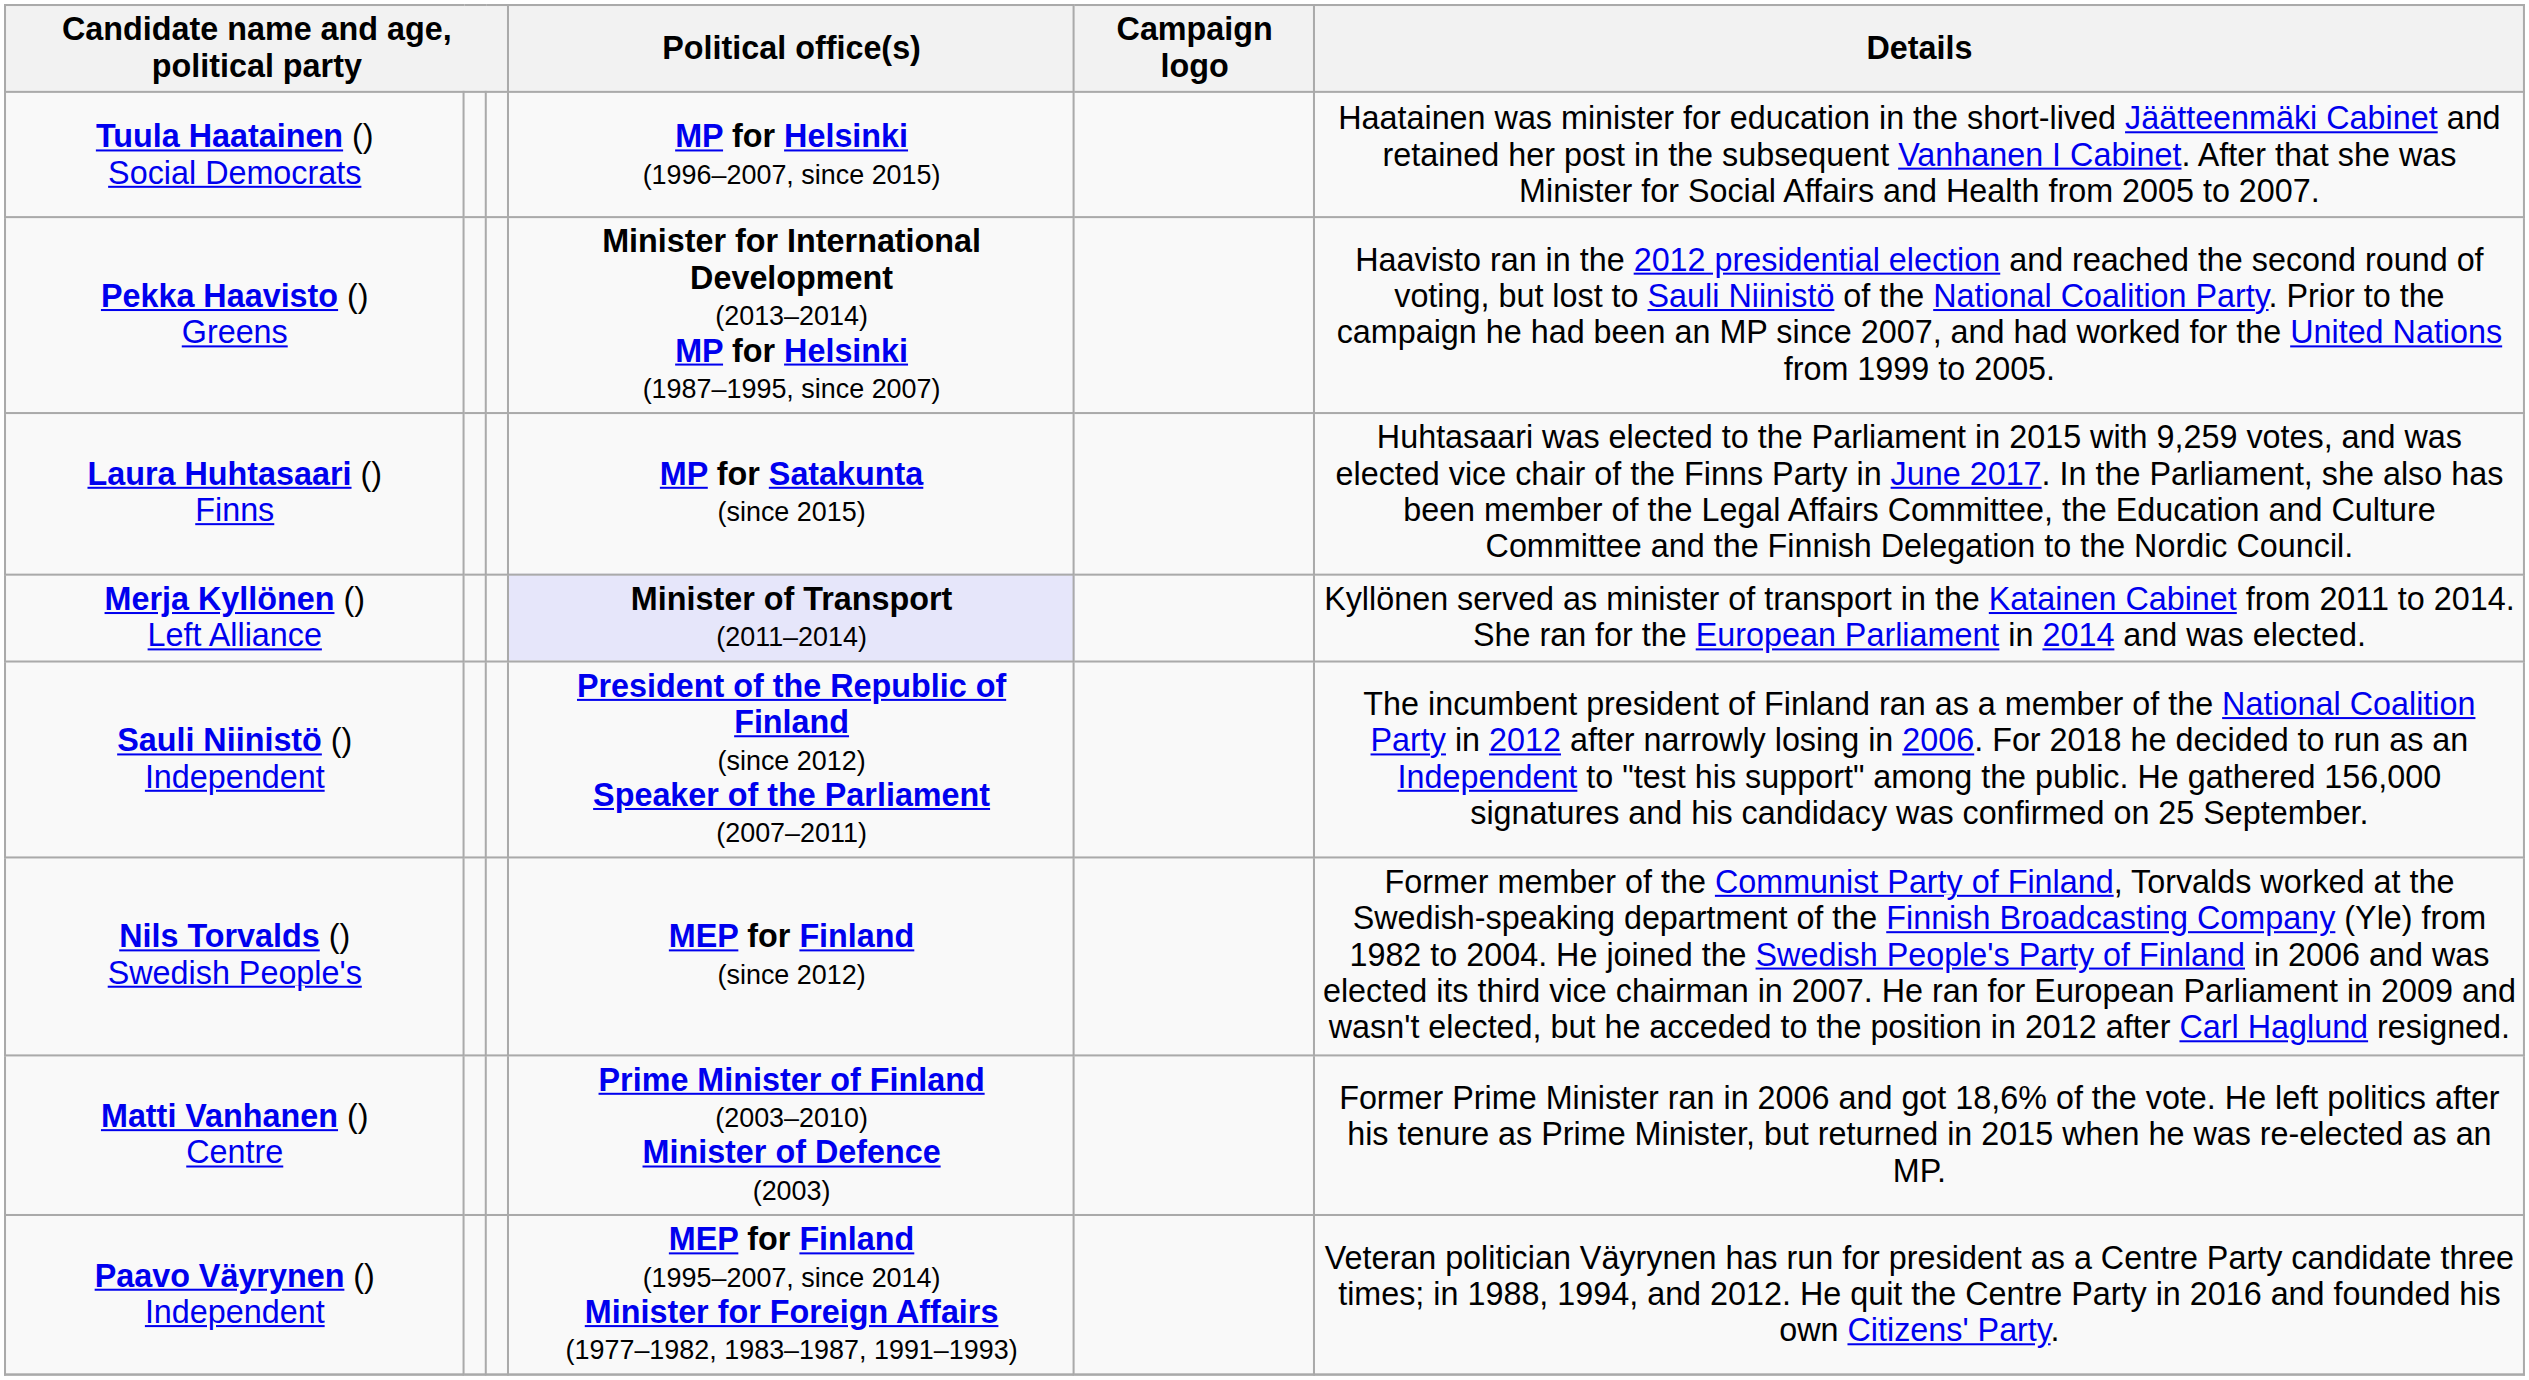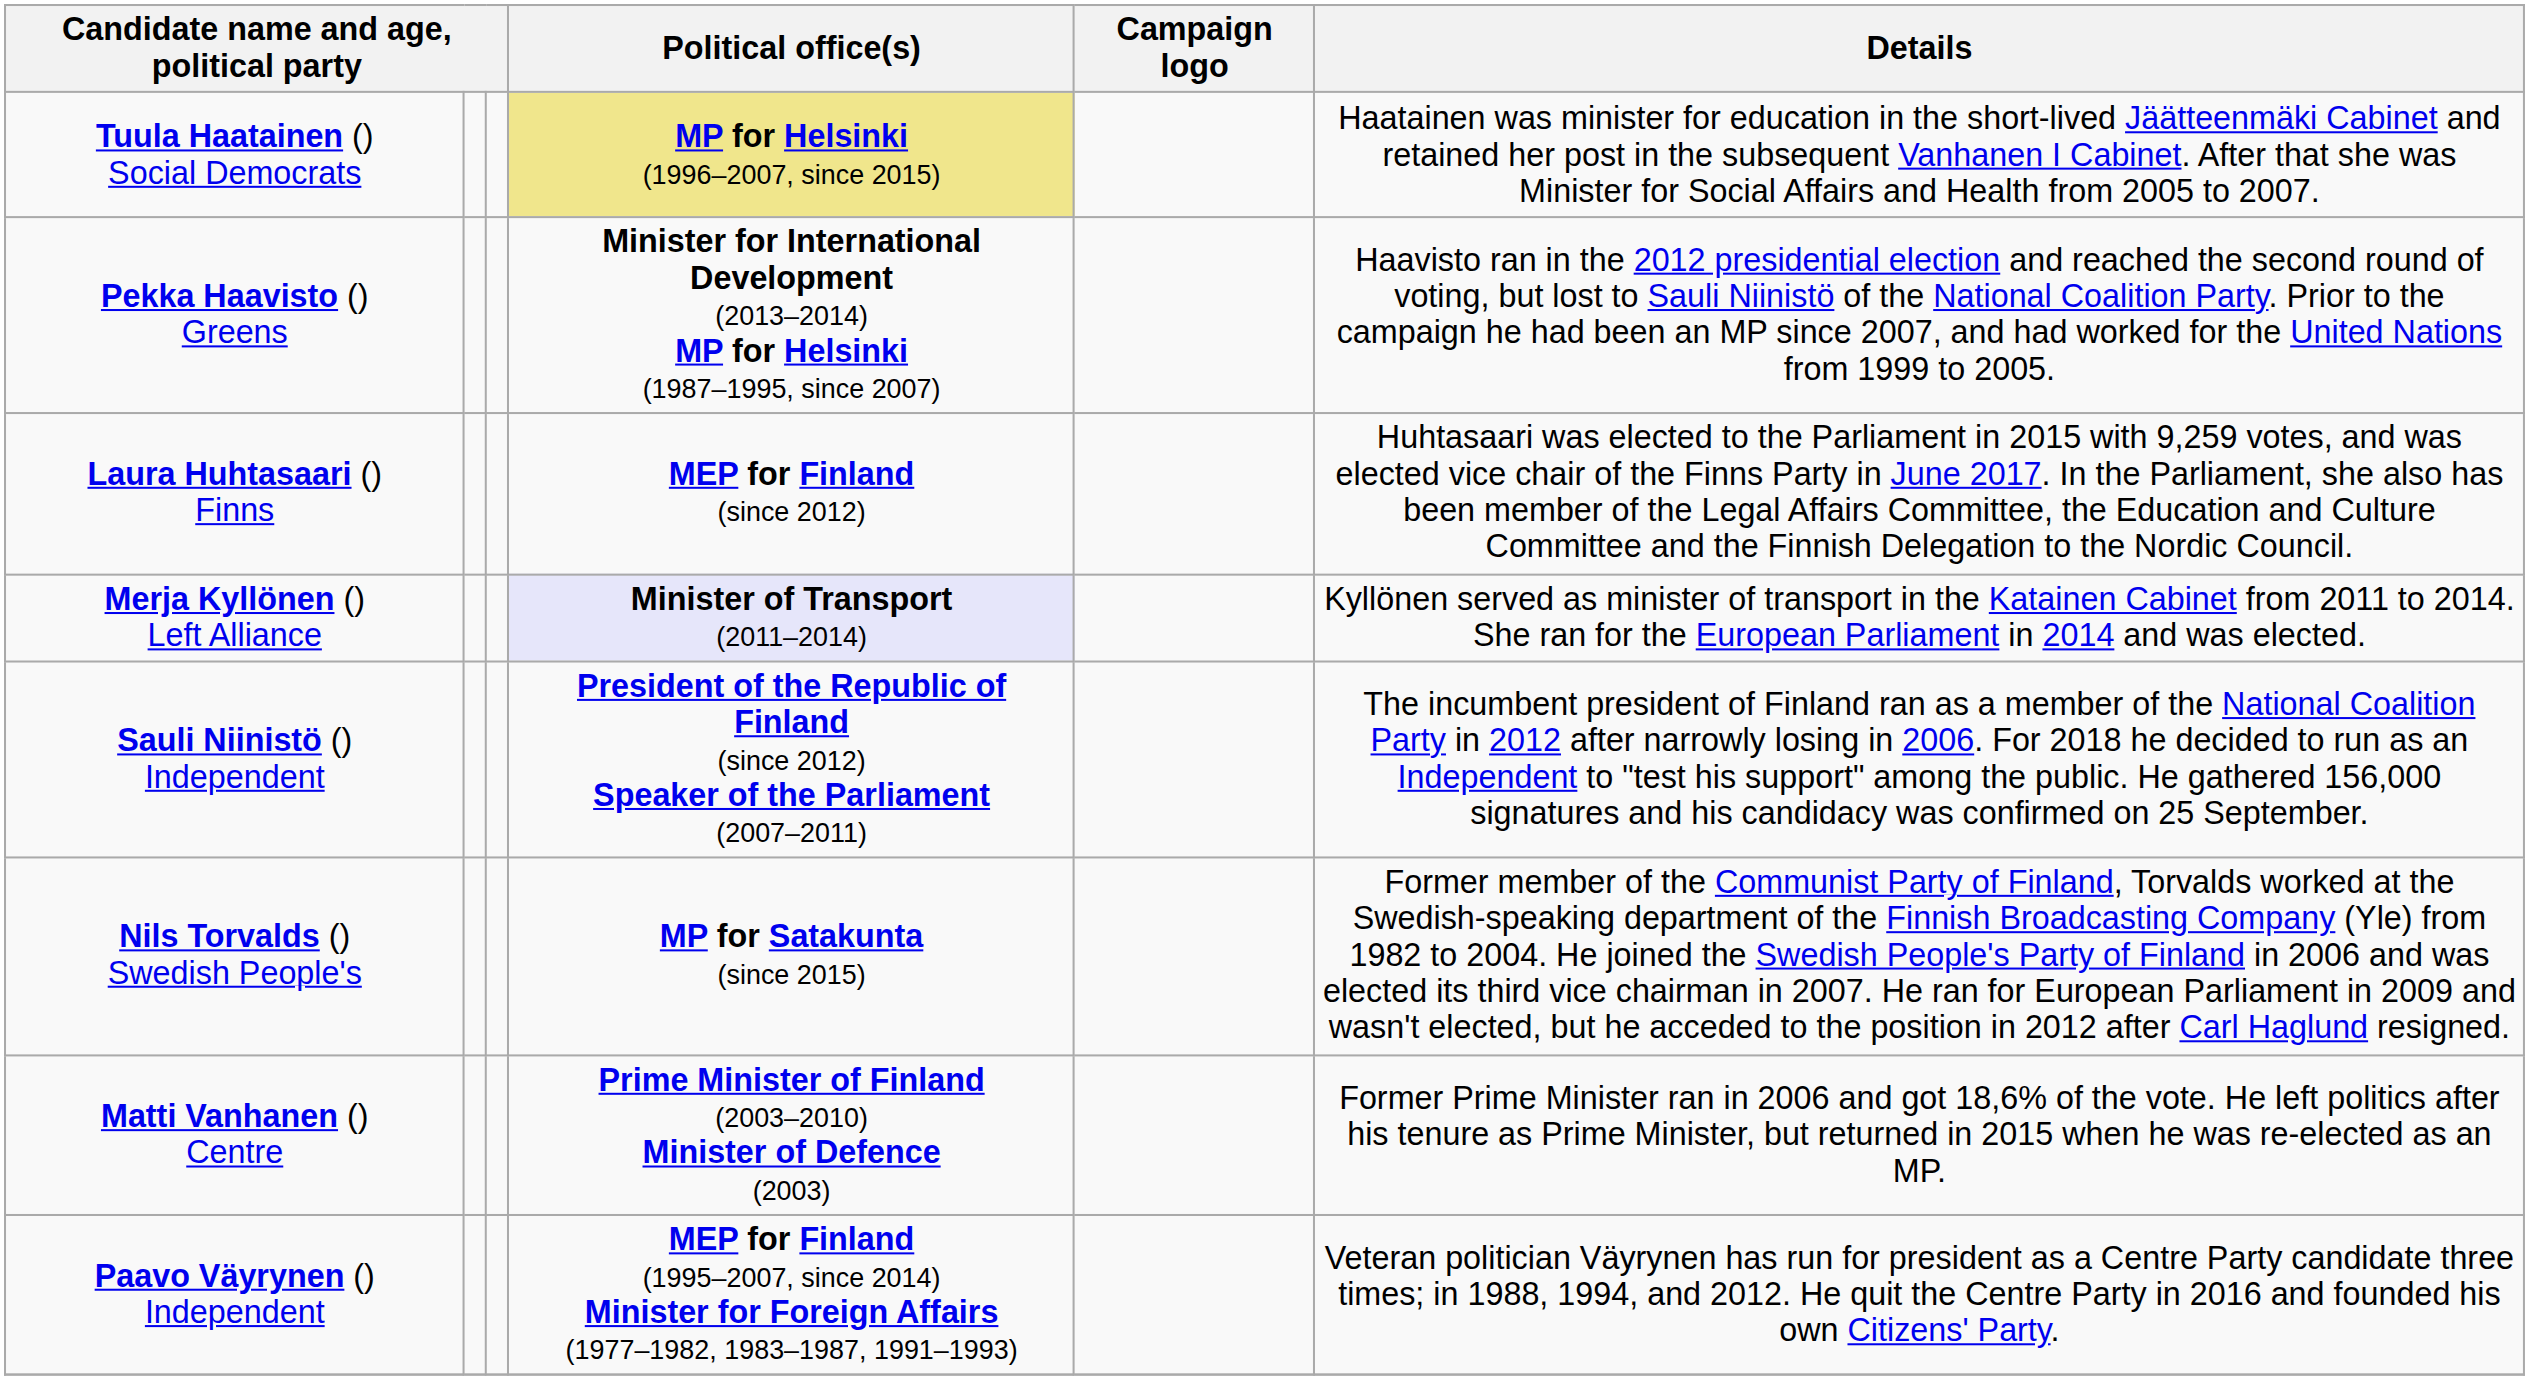 <table class="wikitable" style="text-align:center;">
 <tr>
 <th colspan="3" style="width:20%;">Candidate name and age,<br>political party</th>
 <th>Political office(s)</th>
 <th>Campaign logo</th>
 <th style="width:48%;">Details</th>
 </tr>
 <tr>
 <td><strong><a href='#'>Tuula Haatainen</a></strong> ()<br><a href='#'>Social Democrats</a></td>
 <td></td>
 <td style="background-color:"></td>
-<td><strong><a href='#'>MP</a> for <a href='#'>Helsinki</a></strong><br><small>(1996–2007, since 2015)</small><br></td>
+<td style="background: khaki;"><strong><a href='#'>MP</a> for <a href='#'>Helsinki</a></strong><br><small>(1996–2007, since 2015)</small><br></td>
 <td></td>
 <td>Haatainen was minister for education in the short-lived <a href='#'>Jäätteenmäki Cabinet</a> and retained her post in the subsequent <a href='#'>Vanhanen I Cabinet</a>. After that she was Minister for Social Affairs and Health from 2005 to 2007.</td>
 </tr>
 <tr>
 <td><strong><a href='#'>Pekka Haavisto</a></strong> ()<br><a href='#'>Greens</a></td>
 <td></td>
 <td style="background-color:"></td>
 <td><strong>Minister for International Development</strong><br><small>(2013–2014)</small><br><strong><a href='#'>MP</a> for <a href='#'>Helsinki</a></strong><br><small>(1987–1995, since 2007)</small><br></td>
 <td></td>
 <td>Haavisto ran in the <a href='#'>2012 presidential election</a> and reached the second round of voting, but lost to <a href='#'>Sauli Niinistö</a> of the <a href='#'>National Coalition Party</a>. Prior to the campaign he had been an MP since 2007, and had worked for the <a href='#'>United Nations</a> from 1999 to 2005.</td>
 </tr>
 <tr>
 <td><strong><a href='#'>Laura Huhtasaari</a></strong> ()<br><a href='#'>Finns</a></td>
 <td></td>
 <td style="background-color:"></td>
-<td><strong><a href='#'>MP</a> for <a href='#'>Satakunta</a></strong><br><small>(since 2015)</small></td>
+<td><strong><a href='#'>MEP</a> for <a href='#'>Finland</a></strong><br><small>(since 2012)</small></td>
 <td></td>
 <td>Huhtasaari was elected to the Parliament in 2015 with 9,259 votes, and was elected vice chair of the Finns Party in <a href='#'>June 2017</a>. In the Parliament, she also has been member of the Legal Affairs Committee, the Education and Culture Committee and the Finnish Delegation to the Nordic Council.</td>
 </tr>
 <tr>
 <td><strong><a href='#'>Merja Kyllönen</a></strong> ()<br><a href='#'>Left Alliance</a></td>
 <td></td>
 <td style="background-color:"></td>
 <td style="background: lavender;"><strong>Minister of Transport</strong><br><small>(2011–2014)</small><br></td>
 <td></td>
 <td>Kyllönen served as minister of transport in the <a href='#'>Katainen Cabinet</a> from 2011 to 2014. She ran for the <a href='#'>European Parliament</a> in <a href='#'>2014</a> and was elected.</td>
 </tr>
 <tr>
 <td><strong><a href='#'>Sauli Niinistö</a></strong> ()<br><a href='#'>Independent</a></td>
 <td></td>
 <td style="background-color:"></td>
 <td><strong><a href='#'>President of the Republic of Finland</a></strong><br><small>(since 2012)</small><br><strong><a href='#'>Speaker of the Parliament</a></strong><br><small>(2007–2011)</small><br></td>
 <td></td>
 <td>The incumbent president of Finland ran as a member of the <a href='#'>National Coalition Party</a> in <a href='#'>2012</a> after narrowly losing in <a href='#'>2006</a>. For 2018 he decided to run as an <a href='#'>Independent</a> to "test his support" among the public. He gathered 156,000 signatures and his candidacy was confirmed on 25 September.</td>
 </tr>
 <tr>
 <td><strong><a href='#'>Nils Torvalds</a></strong> ()<br><a href='#'>Swedish People's</a></td>
 <td></td>
 <td style="background-color:"></td>
-<td><strong><a href='#'>MEP</a> for <a href='#'>Finland</a></strong><br><small>(since 2012)</small></td>
+<td><strong><a href='#'>MP</a> for <a href='#'>Satakunta</a></strong><br><small>(since 2015)</small></td>
 <td></td>
 <td>Former member of the <a href='#'>Communist Party of Finland</a>, Torvalds worked at the Swedish-speaking department of the <a href='#'>Finnish Broadcasting Company</a> (Yle) from 1982 to 2004. He joined the <a href='#'>Swedish People's Party of Finland</a> in 2006 and was elected its third vice chairman in 2007. He ran for European Parliament in 2009 and wasn't elected, but he acceded to the position in 2012 after <a href='#'>Carl Haglund</a> resigned.</td>
 </tr>
 <tr>
 <td><strong><a href='#'>Matti Vanhanen</a></strong> ()<br><a href='#'>Centre</a></td>
 <td></td>
 <td style="background-color:"></td>
 <td><strong><a href='#'>Prime Minister of Finland</a></strong><br><small>(2003–2010)</small><br><strong><a href='#'>Minister of Defence</a></strong><br><small>(2003)</small></td>
 <td></td>
 <td>Former Prime Minister ran in 2006 and got 18,6% of the vote. He left politics after his tenure as Prime Minister, but returned in 2015 when he was re-elected as an MP.</td>
 </tr>
 <tr>
 <td><strong><a href='#'>Paavo Väyrynen</a></strong> ()<br><a href='#'>Independent</a></td>
 <td></td>
 <td style="background-color:"></td>
 <td><strong><a href='#'>MEP</a> for <a href='#'>Finland</a></strong><br><small>(1995–2007, since 2014)</small><br><strong><a href='#'>Minister for Foreign Affairs</a></strong> <br><small>(1977–1982, 1983–1987, 1991–1993)</small><br></td>
 <td></td>
 <td>Veteran politician Väyrynen has run for president as a Centre Party candidate three times; in 1988, 1994, and 2012. He quit the Centre Party in 2016 and founded his own <a href='#'>Citizens' Party</a>.</td>
 </tr>
 <tr>
 </tr>
 </table>
